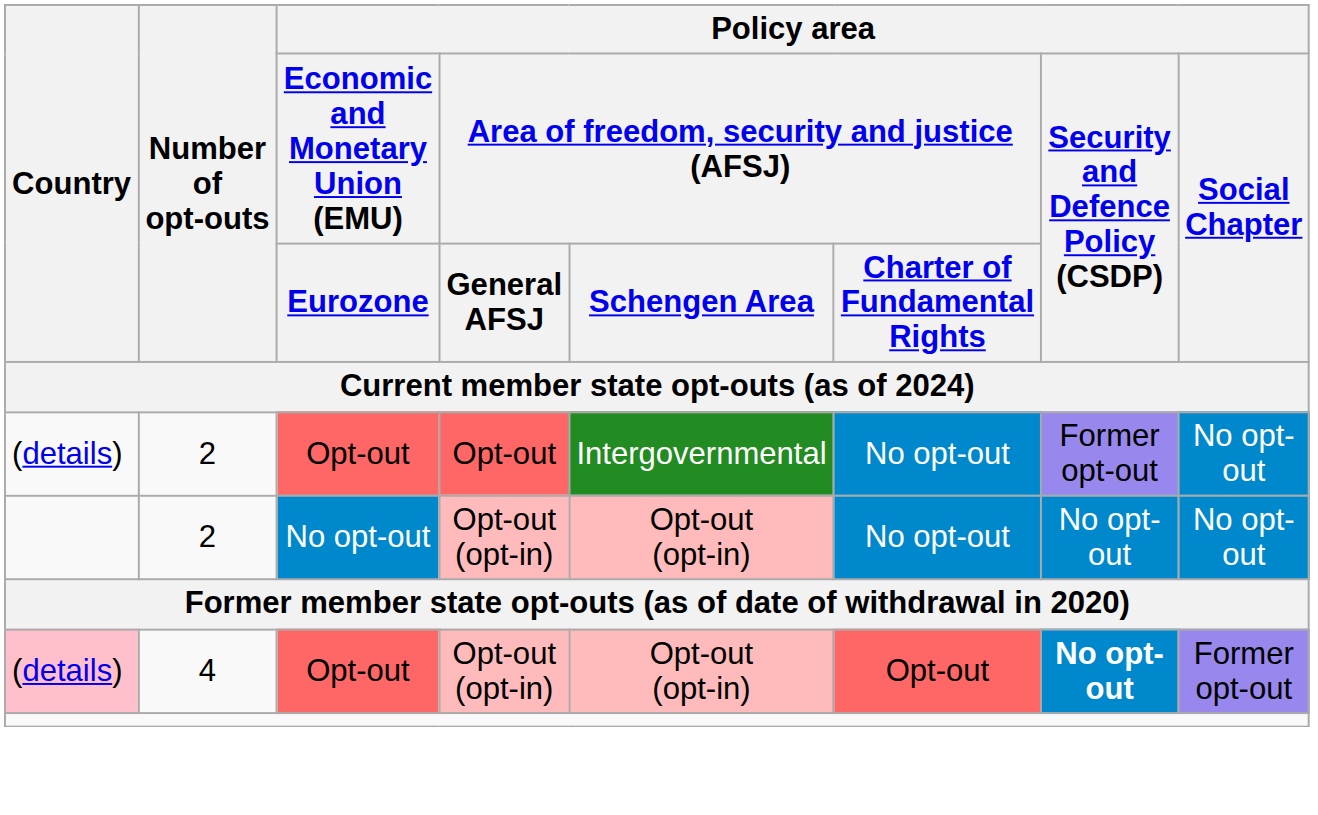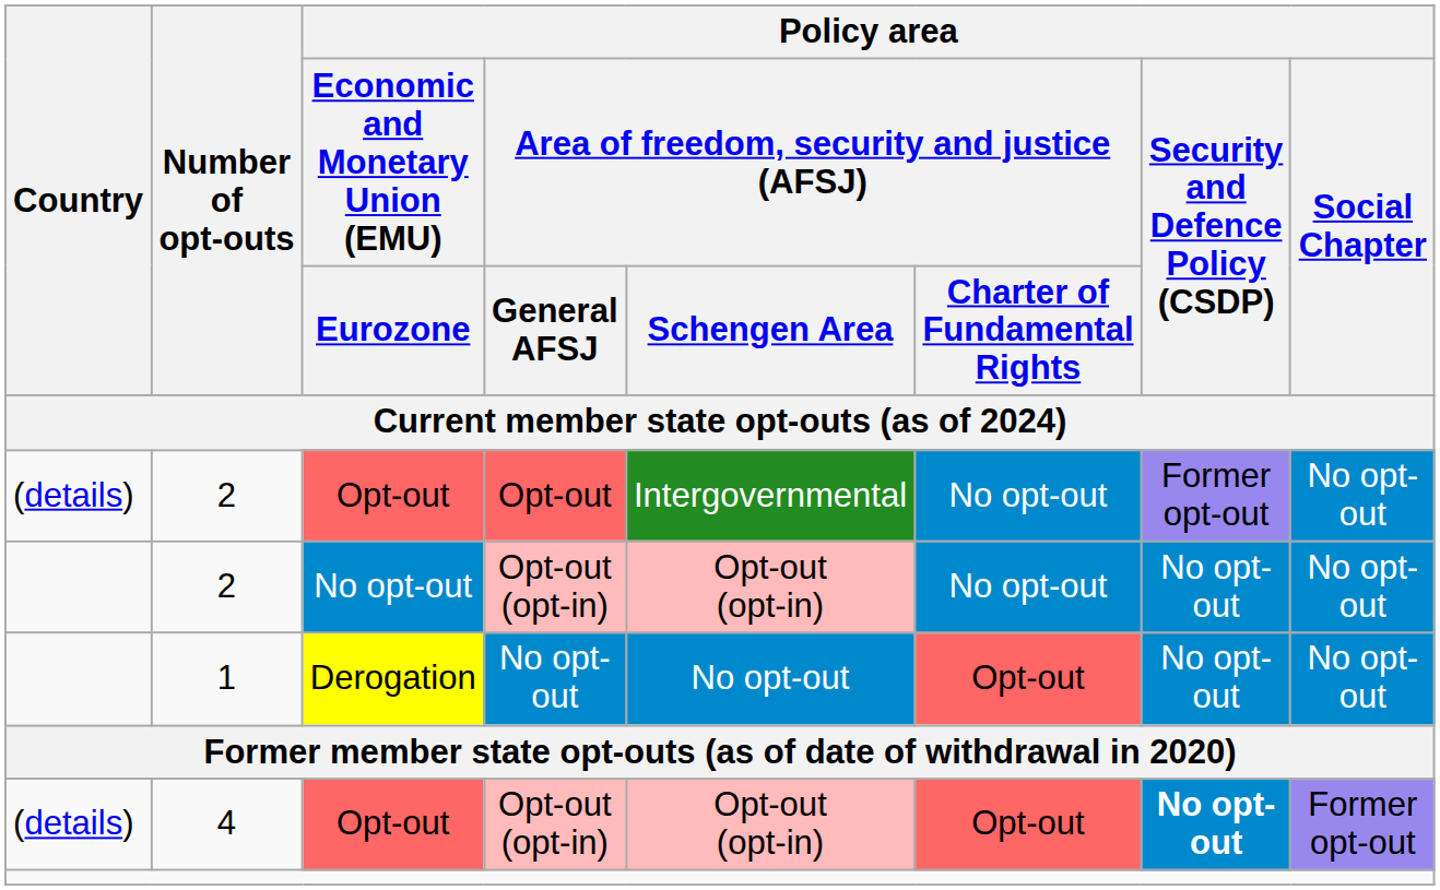 <table class="wikitable" style="text-align:center">
 <tr>
 <th rowspan=3>Country</th>
 <th rowspan=3>Number of opt‑outs</th>
 <th colspan=6>Policy area</th>
 </tr>
 <tr>
 <th><a href='#'>Economic and Monetary Union</a> (EMU)</th>
 <th colspan=3><a href='#'>Area of freedom, security and justice</a> (AFSJ)</th>
 <th rowspan=2><a href='#'>Security and Defence Policy</a> (CSDP)</th>
 <th rowspan=2><a href='#'>Social Chapter</a></th>
 </tr>
 <tr>
 <th><a href='#'>Eurozone</a></th>
 <th>General AFSJ</th>
 <th><a href='#'>Schengen Area</a></th>
 <th><a href='#'>Charter of Fundamental Rights</a></th>
 </tr>
 <tr>
 <th colspan=8>Current member state opt-outs (as of 2024)</th>
 </tr>
 <tr>
 <td style="text-align:left"> (<a href='#'>details</a>)</td>
 <td>2</td>
 <td style="background:#FF6666">Opt-out</td>
 <td style="background:#FF6666">Opt-out</td>
 <td style="background:#228B22; color:white">Intergovernmental</td>
 <td style="background:#0088CC; color:white">No opt-out</td>
 <td style="background: #9888ED">Former opt-out</td>
 <td style="background:#0088CC; color:white">No opt-out</td>
 </tr>
 <tr>
 <td style="text-align: left"></td>
 <td>2</td>
 <td style="background:#0088CC; color:white">No opt-out</td>
 <td style="background:#FFBBBB">Opt-out<br>(opt-in)</td>
 <td style="background:#FFBBBB">Opt-out<br>(opt-in)</td>
 <td style="background:#0088CC; color:white">No opt-out</td>
 <td style="background:#0088CC; color:white">No opt-out</td>
 <td style="background:#0088CC; color:white">No opt-out</td>
 </tr>
 <tr>
+<td style="text-align:left"></td>
+<td>1</td>
+<td style="background:#FFFF00;">Derogation</td>
+<td style="background:#0088CC; color:white">No opt-out</td>
+<td style="background:#0088CC; color:white">No opt-out</td>
+<td style="background:#FF6666">Opt-out</td>
+<td style="background:#0088CC; color:white">No opt-out</td>
+<td style="background:#0088CC; color:white">No opt-out</td>
+</tr>
+<tr>
 <th colspan=8>Former member state opt-outs (as of date of withdrawal in 2020)</th>
 </tr>
 <tr>
-<td style="background: pink; text-align: left"> (<a href='#'>details</a>)</td>
+<td style="text-align: left"> (<a href='#'>details</a>)</td>
 <td>4</td>
 <td style="background: #FF6666">Opt-out</td>
 <td style="background: #FFBBBB">Opt-out<br>(opt-in)</td>
 <td style="background: #FFBBBB">Opt-out<br>(opt-in)</td>
 <td style="background: #FF6666">Opt-out</td>
 <td style="background:#0088CC; color:white"><strong>No opt-out</strong></td>
 <td style="background: #9888ED">Former opt-out</td>
 </tr>
 <tr>
 <td colspan=8 style="text-align:left; font-size:90%"></td>
 </tr>
 </table>
